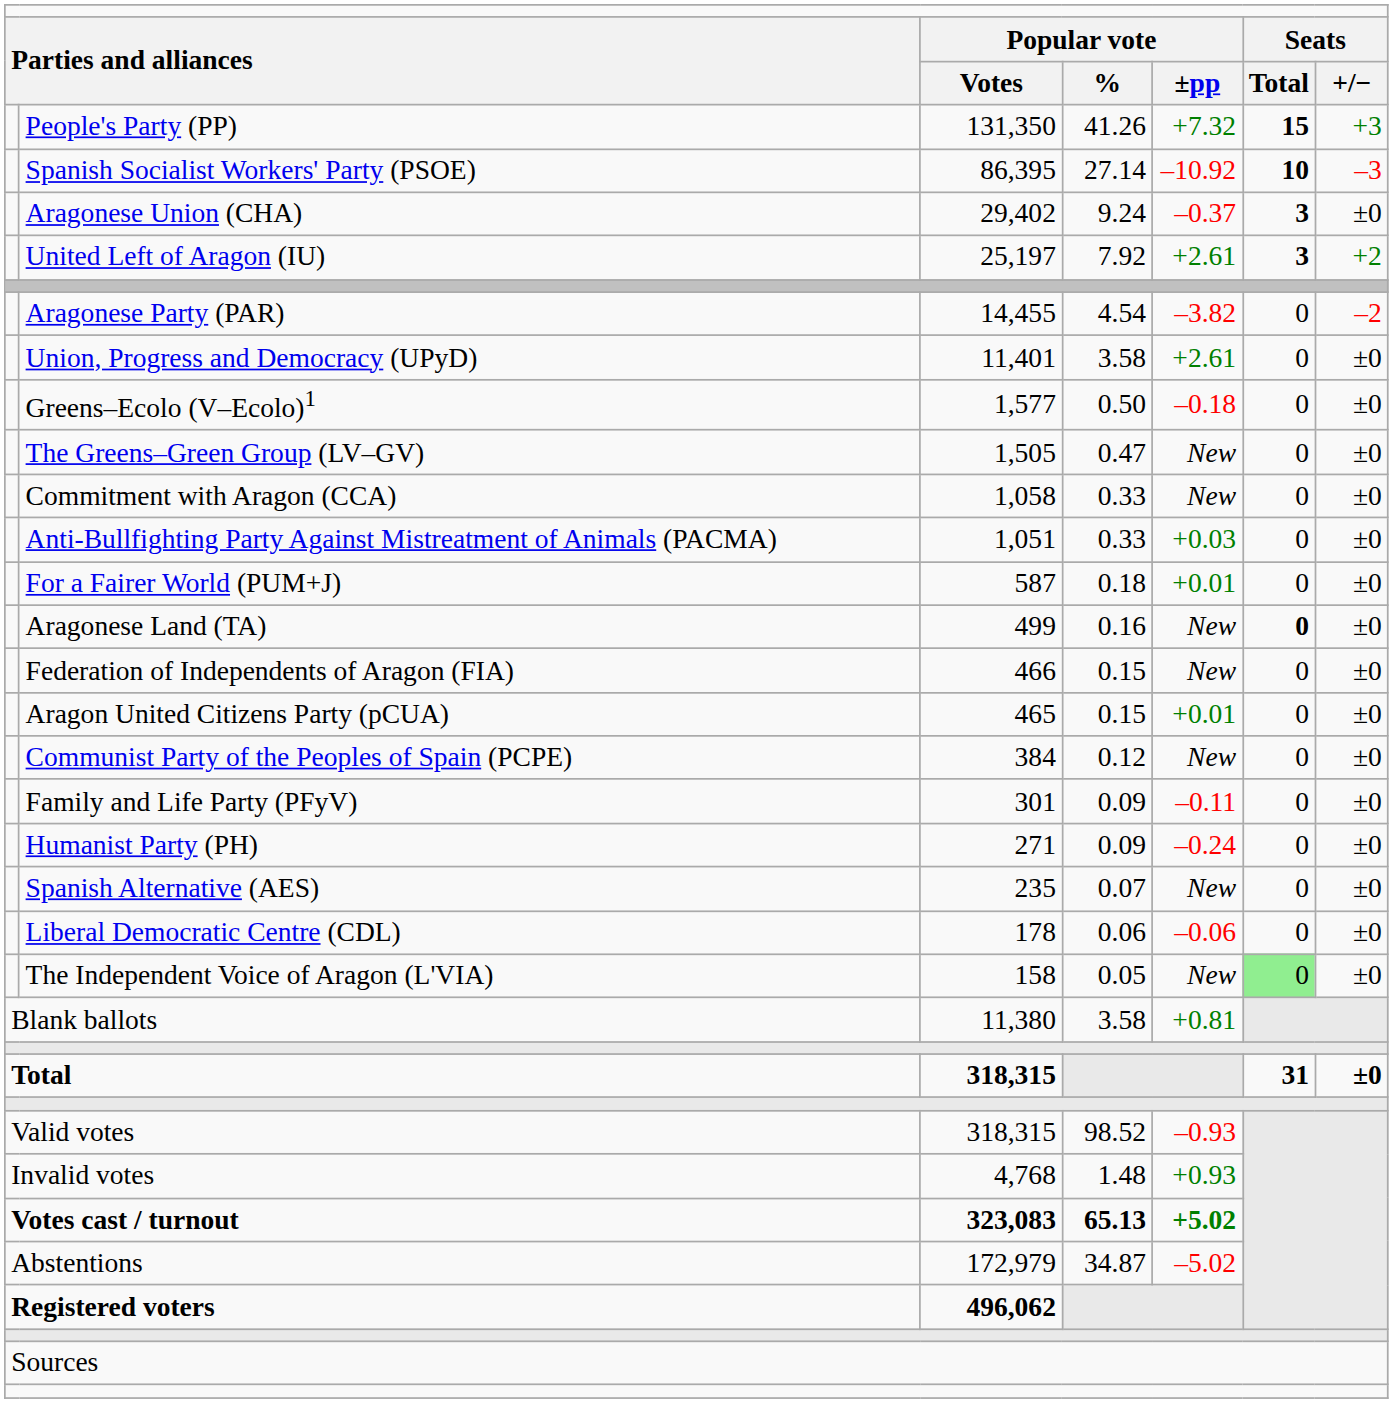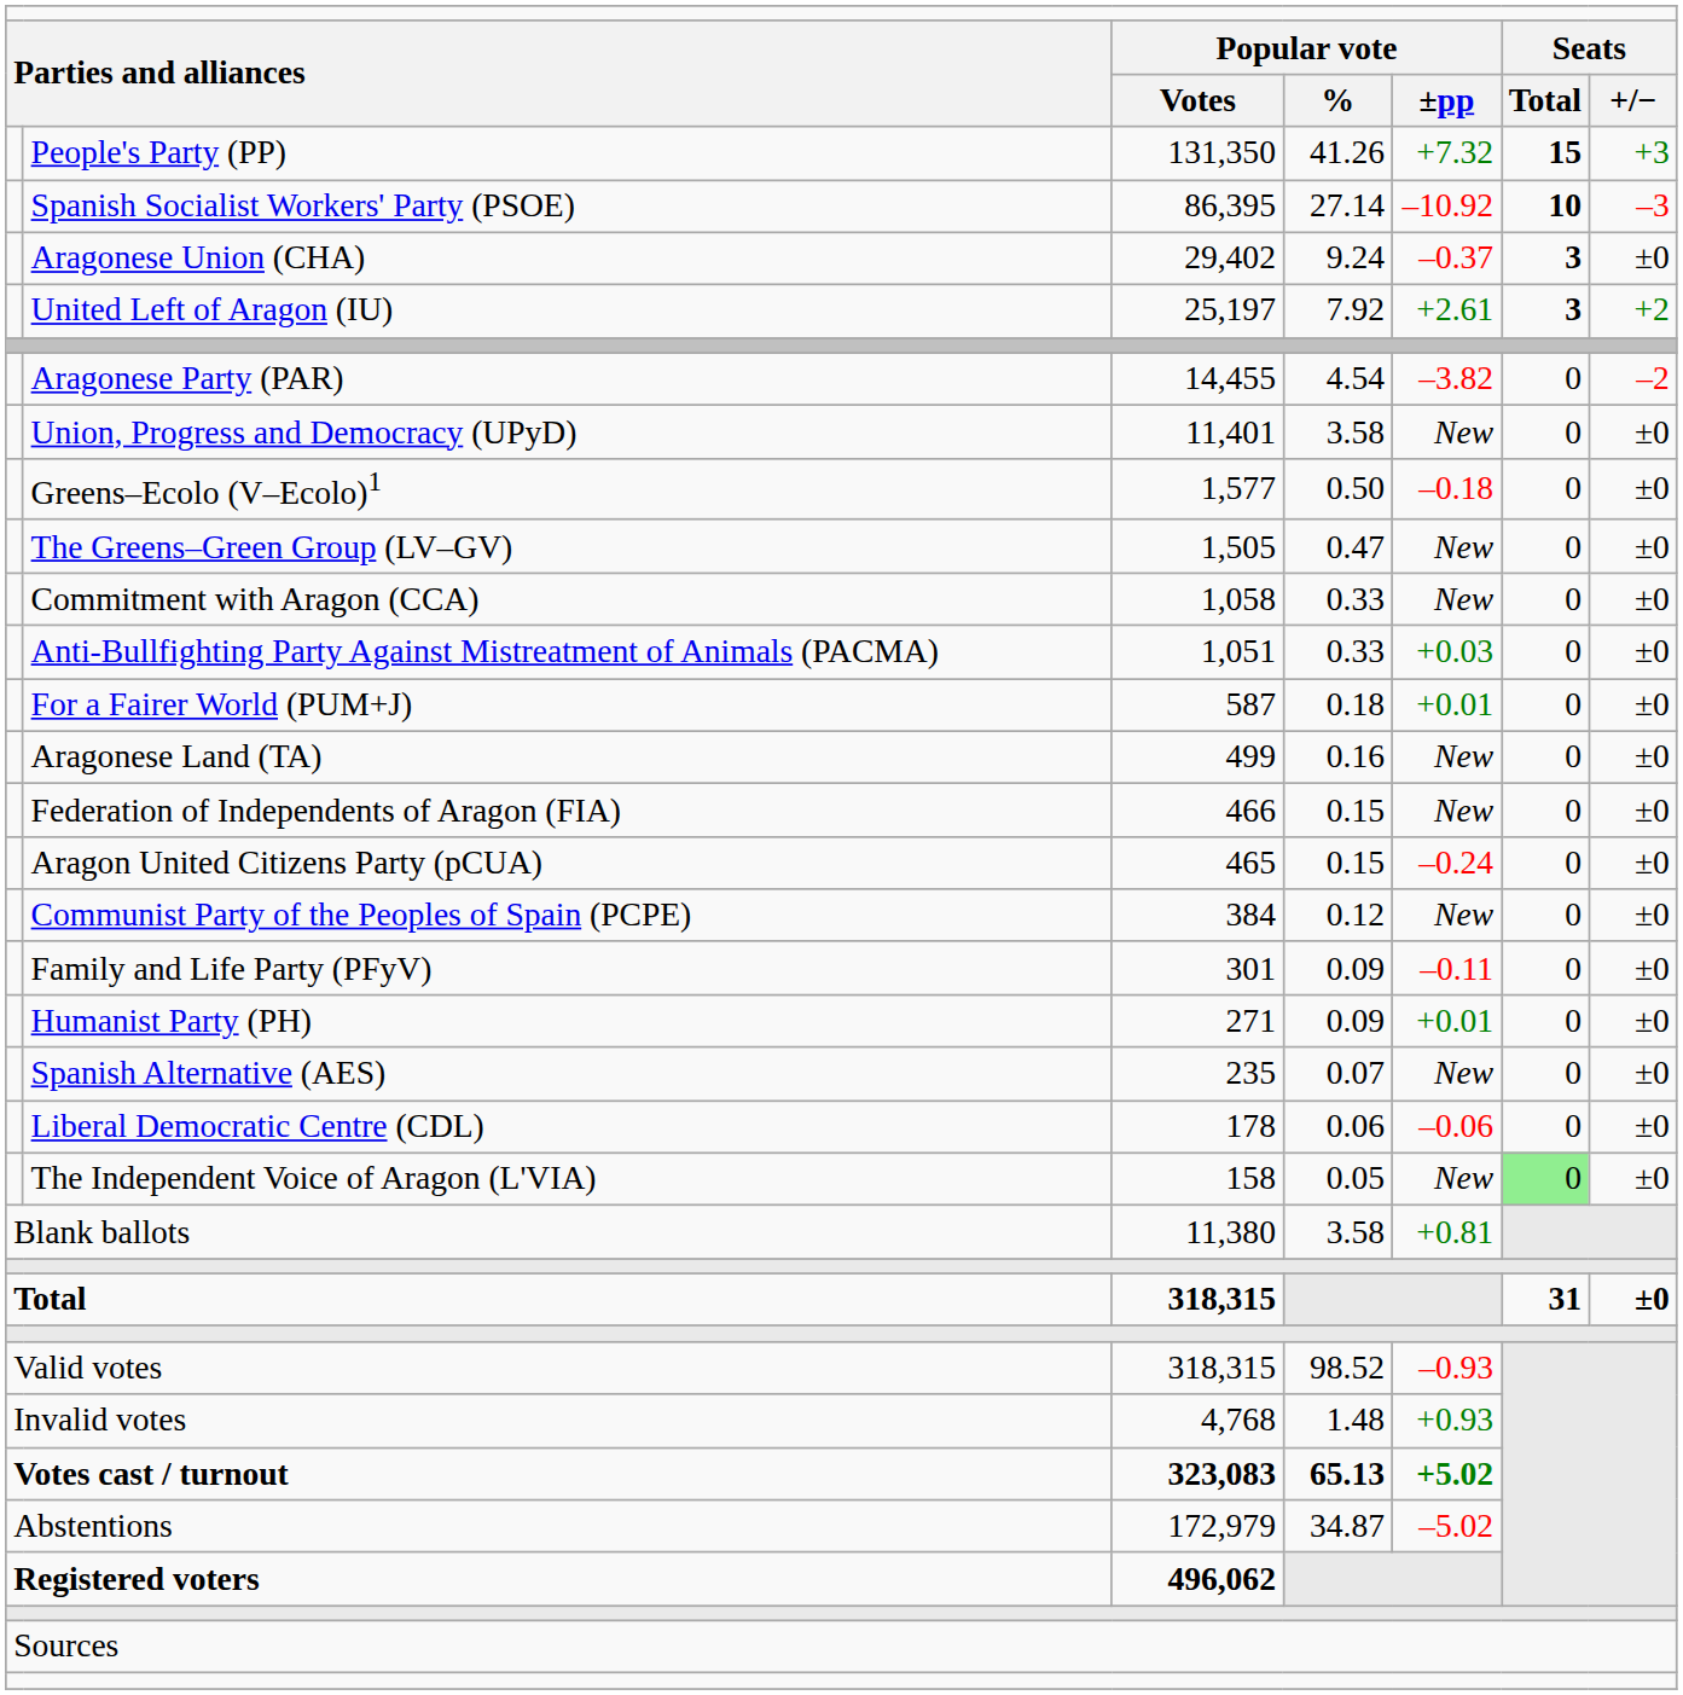 <table class="wikitable" style="text-align:right;">
 <tr>
 <td colspan="7"></td>
 </tr>
 <tr>
 <th style="text-align:left;" rowspan="2" colspan="2" width="525">Parties and alliances</th>
 <th colspan="3">Popular vote</th>
 <th colspan="2">Seats</th>
 </tr>
 <tr>
 <th width="75">Votes</th>
 <th width="45">%</th>
 <th width="45">±<a href='#'>pp</a></th>
 <th width="35">Total</th>
 <th width="35">+/−</th>
 </tr>
 <tr>
 <td width="1" style="color:inherit;background:"></td>
 <td align="left"><a href='#'>People's Party</a> (PP)</td>
 <td>131,350</td>
 <td>41.26</td>
 <td style="color:green;">+7.32</td>
 <td><strong>15</strong></td>
 <td style="color:green;">+3</td>
 </tr>
 <tr>
 <td style="color:inherit;background:"></td>
 <td align="left"><a href='#'>Spanish Socialist Workers' Party</a> (PSOE)</td>
 <td>86,395</td>
 <td>27.14</td>
 <td style="color:red;">–10.92</td>
 <td><strong>10</strong></td>
 <td style="color:red;">–3</td>
 </tr>
 <tr>
 <td style="color:inherit;background:"></td>
 <td align="left"><a href='#'>Aragonese Union</a> (CHA)</td>
 <td>29,402</td>
 <td>9.24</td>
 <td style="color:red;">–0.37</td>
 <td><strong>3</strong></td>
 <td>±0</td>
 </tr>
 <tr>
 <td style="color:inherit;background:"></td>
 <td align="left"><a href='#'>United Left of Aragon</a> (IU)</td>
 <td>25,197</td>
 <td>7.92</td>
 <td style="color:green;">+2.61</td>
 <td><strong>3</strong></td>
 <td style="color:green;">+2</td>
 </tr>
 <tr>
 <td colspan="7" bgcolor="#C0C0C0"></td>
 </tr>
 <tr>
 <td style="color:inherit;background:"></td>
 <td align="left"><a href='#'>Aragonese Party</a> (PAR)</td>
 <td>14,455</td>
 <td>4.54</td>
 <td style="color:red;">–3.82</td>
 <td>0</td>
 <td style="color:red;">–2</td>
 </tr>
 <tr>
 <td style="color:inherit;background:"></td>
 <td align="left"><a href='#'>Union, Progress and Democracy</a> (UPyD)</td>
 <td>11,401</td>
 <td>3.58</td>
-<td style="color:green;">+2.61</td>
+<td><em>New</em></td>
 <td>0</td>
 <td>±0</td>
 </tr>
 <tr>
 <td style="color:inherit;background:"></td>
 <td align="left">Greens–Ecolo (V–Ecolo)<sup>1</sup></td>
 <td>1,577</td>
 <td>0.50</td>
 <td style="color:red;">–0.18</td>
 <td>0</td>
 <td>±0</td>
 </tr>
 <tr>
 <td style="color:inherit;background:"></td>
 <td align="left"><a href='#'>The Greens–Green Group</a> (LV–GV)</td>
 <td>1,505</td>
 <td>0.47</td>
 <td><em>New</em></td>
 <td>0</td>
 <td>±0</td>
 </tr>
 <tr>
 <td style="color:inherit;background:"></td>
 <td align="left">Commitment with Aragon (CCA)</td>
 <td>1,058</td>
 <td>0.33</td>
 <td><em>New</em></td>
 <td>0</td>
 <td>±0</td>
 </tr>
 <tr>
 <td style="color:inherit;background:"></td>
 <td align="left"><a href='#'>Anti-Bullfighting Party Against Mistreatment of Animals</a> (PACMA)</td>
 <td>1,051</td>
 <td>0.33</td>
 <td style="color:green;">+0.03</td>
 <td>0</td>
 <td>±0</td>
 </tr>
 <tr>
 <td style="color:inherit;background:"></td>
 <td align="left"><a href='#'>For a Fairer World</a> (PUM+J)</td>
 <td>587</td>
 <td>0.18</td>
 <td style="color:green;">+0.01</td>
 <td>0</td>
 <td>±0</td>
 </tr>
 <tr>
 <td style="color:inherit;background:"></td>
 <td align="left">Aragonese Land (TA)</td>
 <td>499</td>
 <td>0.16</td>
 <td><em>New</em></td>
-<td><strong>0</strong></td>
+<td>0</td>
 <td>±0</td>
 </tr>
 <tr>
 <td style="color:inherit;background:"></td>
 <td align="left">Federation of Independents of Aragon (FIA)</td>
 <td>466</td>
 <td>0.15</td>
 <td><em>New</em></td>
 <td>0</td>
 <td>±0</td>
 </tr>
 <tr>
 <td style="color:inherit;background:"></td>
 <td align="left">Aragon United Citizens Party (pCUA)</td>
 <td>465</td>
 <td>0.15</td>
-<td style="color:green;">+0.01</td>
+<td style="color:red;">–0.24</td>
 <td>0</td>
 <td>±0</td>
 </tr>
 <tr>
 <td style="color:inherit;background:"></td>
 <td align="left"><a href='#'>Communist Party of the Peoples of Spain</a> (PCPE)</td>
 <td>384</td>
 <td>0.12</td>
 <td><em>New</em></td>
 <td>0</td>
 <td>±0</td>
 </tr>
 <tr>
 <td style="color:inherit;background:"></td>
 <td align="left">Family and Life Party (PFyV)</td>
 <td>301</td>
 <td>0.09</td>
 <td style="color:red;">–0.11</td>
 <td>0</td>
 <td>±0</td>
 </tr>
 <tr>
 <td style="color:inherit;background:"></td>
 <td align="left"><a href='#'>Humanist Party</a> (PH)</td>
 <td>271</td>
 <td>0.09</td>
-<td style="color:red;">–0.24</td>
+<td style="color:green;">+0.01</td>
 <td>0</td>
 <td>±0</td>
 </tr>
 <tr>
 <td style="color:inherit;background:"></td>
 <td align="left"><a href='#'>Spanish Alternative</a> (AES)</td>
 <td>235</td>
 <td>0.07</td>
 <td><em>New</em></td>
 <td>0</td>
 <td>±0</td>
 </tr>
 <tr>
 <td style="color:inherit;background:"></td>
 <td align="left"><a href='#'>Liberal Democratic Centre</a> (CDL)</td>
 <td>178</td>
 <td>0.06</td>
 <td style="color:red;">–0.06</td>
 <td>0</td>
 <td>±0</td>
 </tr>
 <tr>
 <td style="color:inherit;background:"></td>
 <td align="left">The Independent Voice of Aragon (L'VIA)</td>
 <td>158</td>
 <td>0.05</td>
 <td><em>New</em></td>
 <td style="background: lightgreen;">0</td>
 <td>±0</td>
 </tr>
 <tr>
 <td align="left" colspan="2">Blank ballots</td>
 <td>11,380</td>
 <td>3.58</td>
 <td style="color:green;">+0.81</td>
 <td bgcolor="#E9E9E9" colspan="2"></td>
 </tr>
 <tr>
 <td colspan="7" bgcolor="#E9E9E9"></td>
 </tr>
 <tr style="font-weight:bold;">
 <td align="left" colspan="2">Total</td>
 <td>318,315</td>
 <td bgcolor="#E9E9E9" colspan="2"></td>
 <td>31</td>
 <td>±0</td>
 </tr>
 <tr>
 <td colspan="7" bgcolor="#E9E9E9"></td>
 </tr>
 <tr>
 <td align="left" colspan="2">Valid votes</td>
 <td>318,315</td>
 <td>98.52</td>
 <td style="color:red;">–0.93</td>
 <td bgcolor="#E9E9E9" colspan="2" rowspan="5"></td>
 </tr>
 <tr>
 <td align="left" colspan="2">Invalid votes</td>
 <td>4,768</td>
 <td>1.48</td>
 <td style="color:green;">+0.93</td>
 </tr>
 <tr style="font-weight:bold;">
 <td align="left" colspan="2">Votes cast / turnout</td>
 <td>323,083</td>
 <td>65.13</td>
 <td style="color:green;">+5.02</td>
 </tr>
 <tr>
 <td align="left" colspan="2">Abstentions</td>
 <td>172,979</td>
 <td>34.87</td>
 <td style="color:red;">–5.02</td>
 </tr>
 <tr style="font-weight:bold;">
 <td align="left" colspan="2">Registered voters</td>
 <td>496,062</td>
 <td bgcolor="#E9E9E9" colspan="2"></td>
 </tr>
 <tr>
 <td colspan="7" bgcolor="#E9E9E9"></td>
 </tr>
 <tr>
 <td align="left" colspan="7">Sources</td>
 </tr>
 <tr>
 <td colspan="7" style="text-align:left; max-width:790px;"></td>
 </tr>
 </table>
